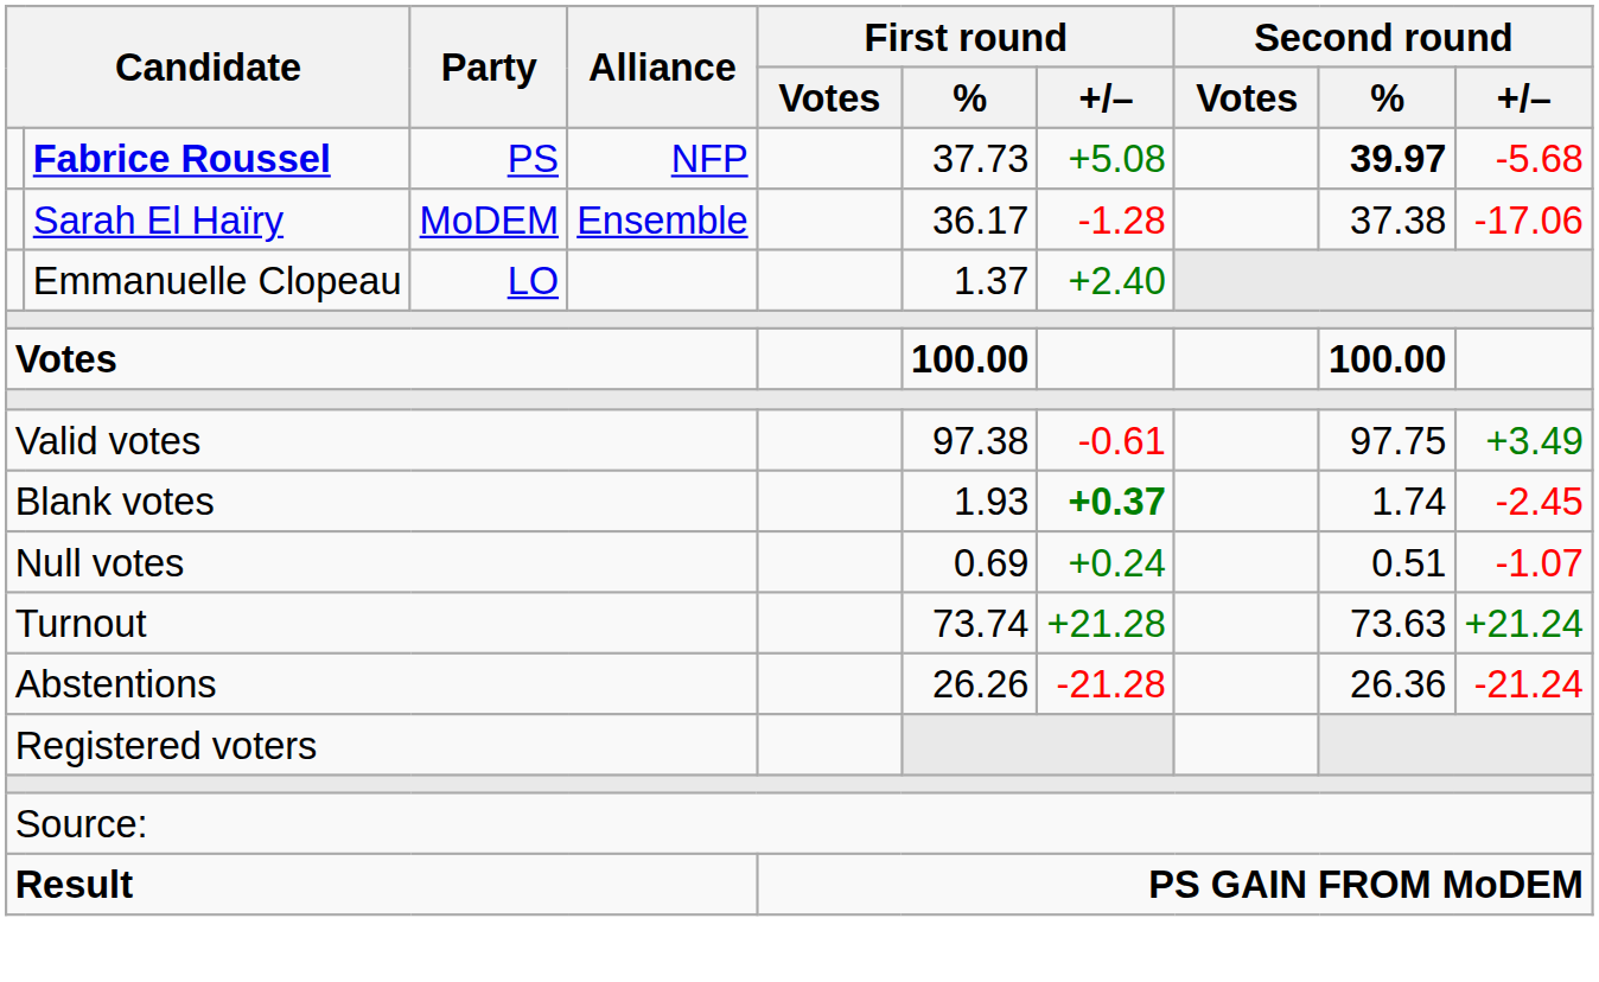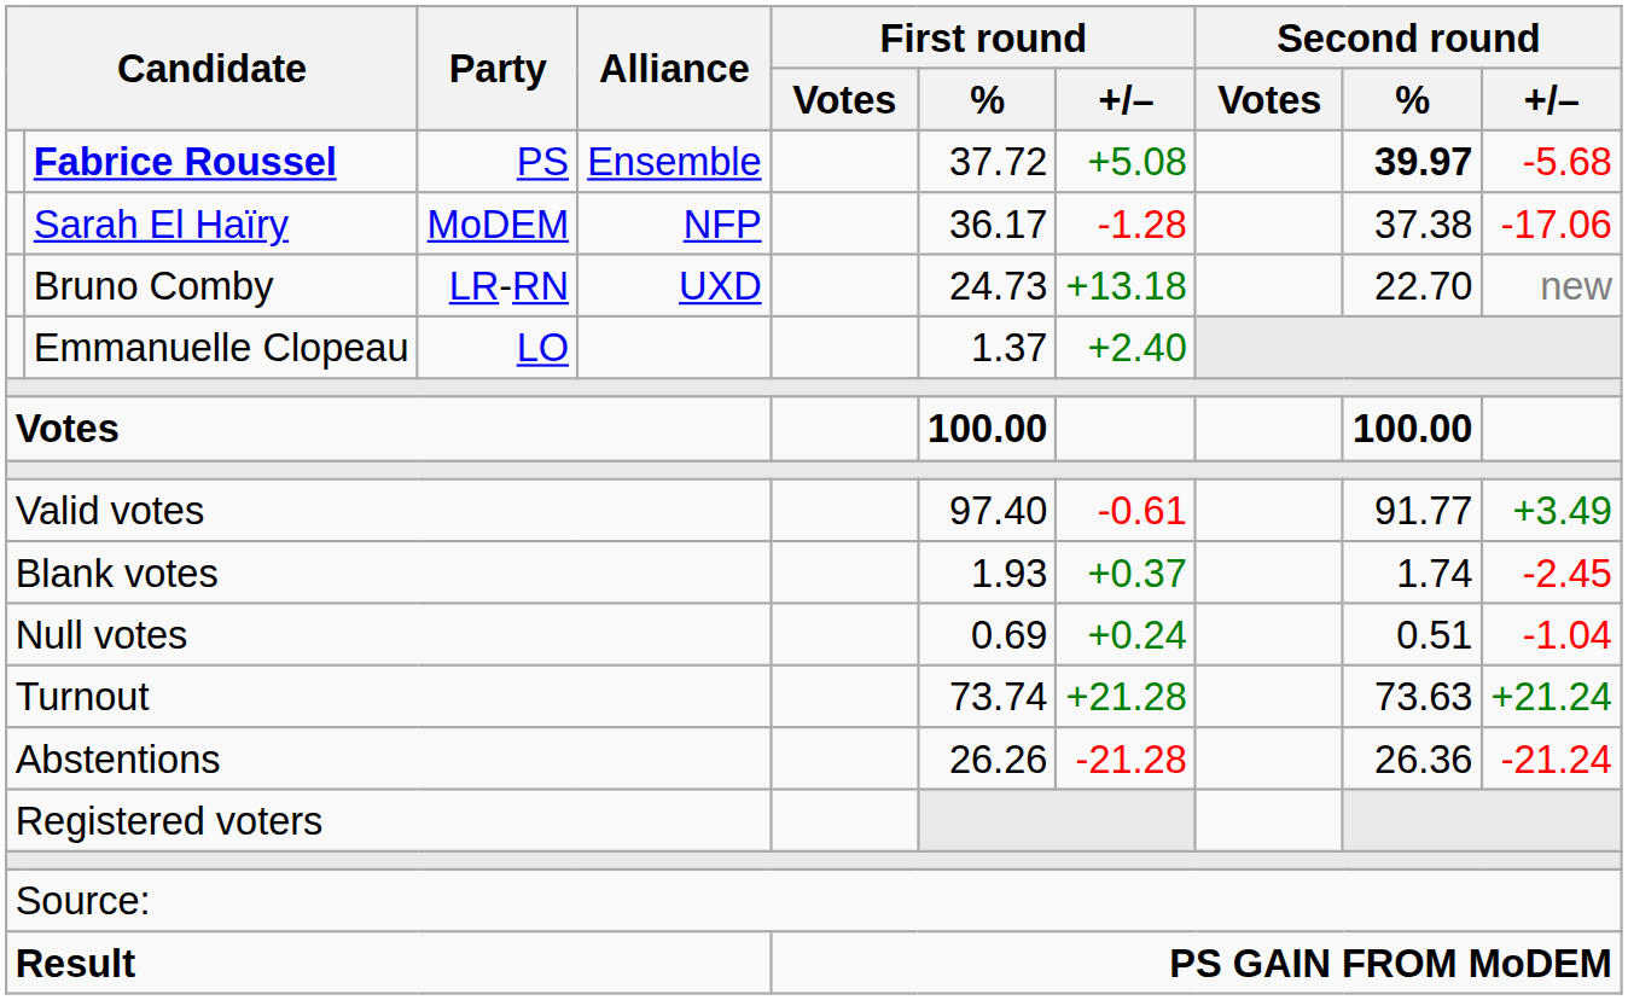 <table class="wikitable" style="text-align:right;font-size:95%;">
 <tr>
 <th rowspan="2" colspan="2">Candidate</th>
 <th colspan="1" rowspan="2">Party</th>
 <th colspan="1" rowspan="2">Alliance</th>
 <th colspan="3">First round</th>
 <th colspan="3">Second round</th>
 </tr>
 <tr>
 <th style="width:50px;">Votes</th>
 <th style="width:45px;">%</th>
 <th style="width:45px;">+/–</th>
 <th style="width:50px;">Votes</th>
 <th style="width:45px;">%</th>
 <th style="width:45px;">+/–</th>
 </tr>
 <tr>
 <td style="color:inherit;background:"></td>
 <td style="text-align:left;"><strong><a href='#'>Fabrice Roussel</a></strong></td>
 <td><a href='#'>PS</a></td>
-<td><a href='#'>NFP</a></td>
+<td><a href='#'>Ensemble</a></td>
 <td></td>
-<td>37.73</td>
+<td>37.72</td>
 <td style="color:green;">+5.08</td>
 <td><strong></strong></td>
 <td><strong>39.97</strong></td>
 <td style="color:red;">-5.68</td>
 </tr>
 <tr>
 <td style="color:inherit;background:"></td>
 <td style="text-align:left;"><a href='#'>Sarah El Haïry</a></td>
 <td><a href='#'>MoDEM</a></td>
-<td><a href='#'>Ensemble</a></td>
+<td><a href='#'>NFP</a></td>
 <td></td>
 <td>36.17</td>
 <td style="color:red;">-1.28</td>
 <td></td>
 <td>37.38</td>
 <td style="color:red;">-17.06</td>
+</tr>
+<tr>
+<td style="color:inherit;background:"></td>
+<td style="text-align:left;">Bruno Comby</td>
+<td><a href='#'>LR</a>-<a href='#'>RN</a></td>
+<td><a href='#'>UXD</a></td>
+<td></td>
+<td>24.73</td>
+<td style="color:green;">+13.18</td>
+<td></td>
+<td>22.70</td>
+<td style="color:grey;">new</td>
 </tr>
 <tr>
 <td style="color:inherit;background:"></td>
 <td style="text-align:left;">Emmanuelle Clopeau</td>
 <td><a href='#'>LO</a></td>
 <td></td>
 <td></td>
 <td>1.37</td>
 <td style="color:green;">+2.40</td>
 <td colspan="3" style="background:#E9E9E9;"></td>
 </tr>
 <tr>
 <td colspan="10" style="background:#E9E9E9;"></td>
 </tr>
 <tr style="font-weight:bold;">
 <td colspan="4" style="text-align:left;">Votes</td>
 <td></td>
 <td>100.00</td>
 <td></td>
 <td></td>
 <td>100.00</td>
 <td></td>
 </tr>
 <tr>
 <td colspan="10" style="background:#E9E9E9;"></td>
 </tr>
 <tr>
 <td colspan="4" style="text-align:left;">Valid votes</td>
 <td></td>
-<td>97.38</td>
+<td>97.40</td>
 <td style="color:red;">-0.61</td>
 <td></td>
-<td>97.75</td>
+<td>91.77</td>
 <td style="color:green;">+3.49</td>
 </tr>
 <tr>
 <td colspan="4" style="text-align:left;">Blank votes</td>
 <td></td>
 <td>1.93</td>
-<td style="color:green;"><strong>+0.37</strong></td>
+<td style="color:green;">+0.37</td>
 <td></td>
 <td>1.74</td>
 <td style="color:red;">-2.45</td>
 </tr>
 <tr>
 <td colspan="4" style="text-align:left;">Null votes</td>
 <td></td>
 <td>0.69</td>
 <td style="color:green;">+0.24</td>
 <td></td>
 <td>0.51</td>
-<td style="color:red;">-1.07</td>
+<td style="color:red;">-1.04</td>
 </tr>
 <tr>
 <td colspan="4" style="text-align:left;">Turnout</td>
 <td></td>
 <td>73.74</td>
 <td style="color:green;">+21.28</td>
 <td></td>
 <td>73.63</td>
 <td style="color:green;">+21.24</td>
 </tr>
 <tr>
 <td colspan="4" style="text-align:left;">Abstentions</td>
 <td></td>
 <td>26.26</td>
 <td style="color:red;">-21.28</td>
 <td></td>
 <td>26.36</td>
 <td style="color:red;">-21.24</td>
 </tr>
 <tr>
 <td colspan="4" style="text-align:left;">Registered voters</td>
 <td></td>
 <td colspan="2" style="background:#E9E9E9;"></td>
 <td></td>
 <td colspan="2" style="background:#E9E9E9;"></td>
 </tr>
 <tr>
 <td colspan="10" style="background:#E9E9E9;"></td>
 </tr>
 <tr>
 <td colspan="10" style="text-align:left;">Source: </td>
 </tr>
 <tr style="font-weight:bold">
 <td colspan="4" style="text-align:left;">Result</td>
 <td colspan="6" style="background-color:">PS GAIN FROM MoDEM</td>
 </tr>
 </table>
